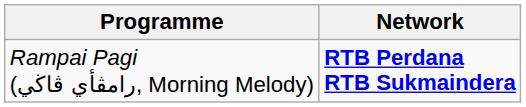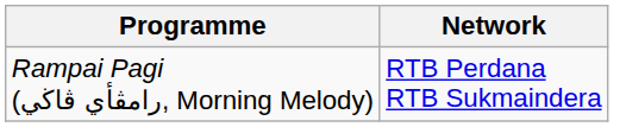 <table class="wikitable">
 <tr>
 <th>Programme</th>
 <th>Network</th>
 </tr>
 <tr>
 <td><em>Rampai Pagi</em><br>(رامڤأي ڤاڬي, Morning Melody)</td>
-<td><strong><a href='#'>RTB Perdana</a><br><a href='#'>RTB Sukmaindera</a></strong></td>
+<td><a href='#'>RTB Perdana</a><br><a href='#'>RTB Sukmaindera</a></td>
 </tr>
 </table>
